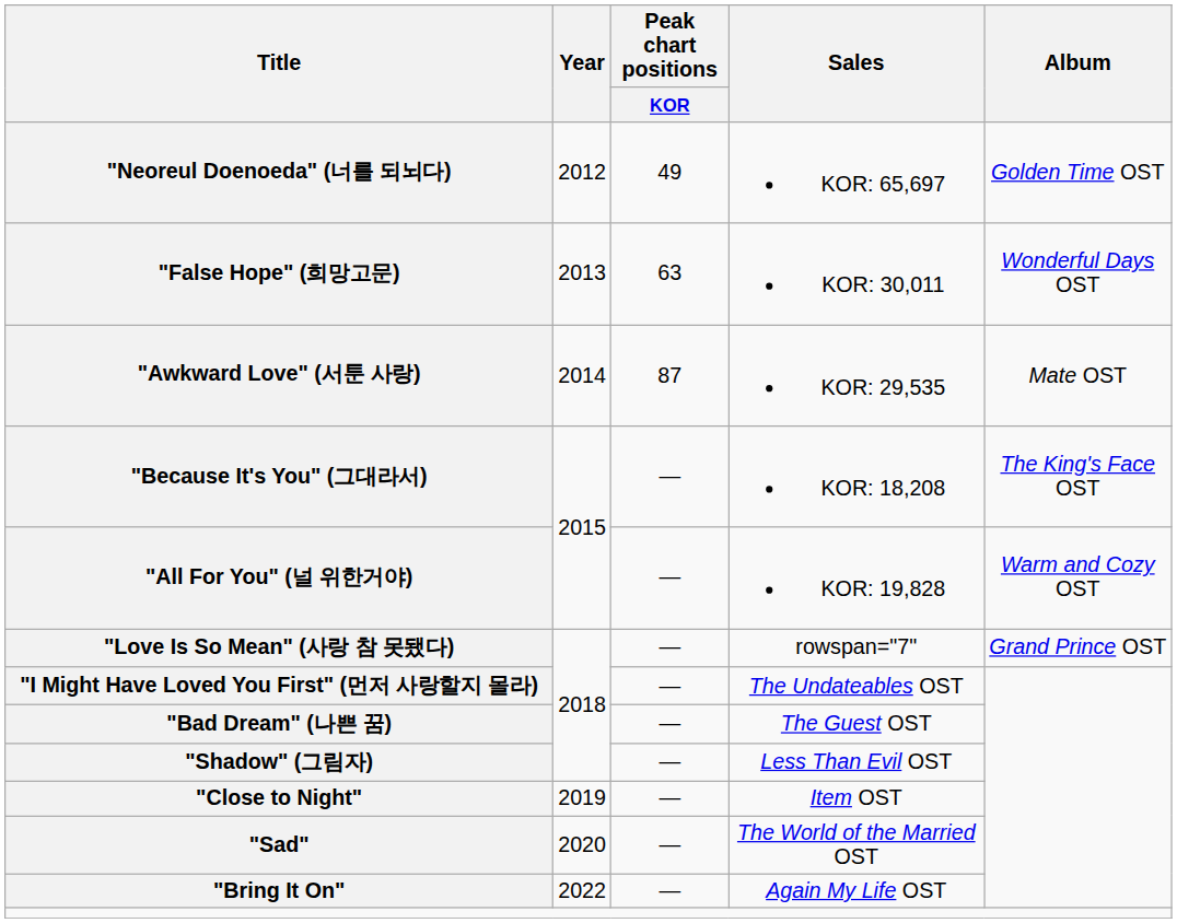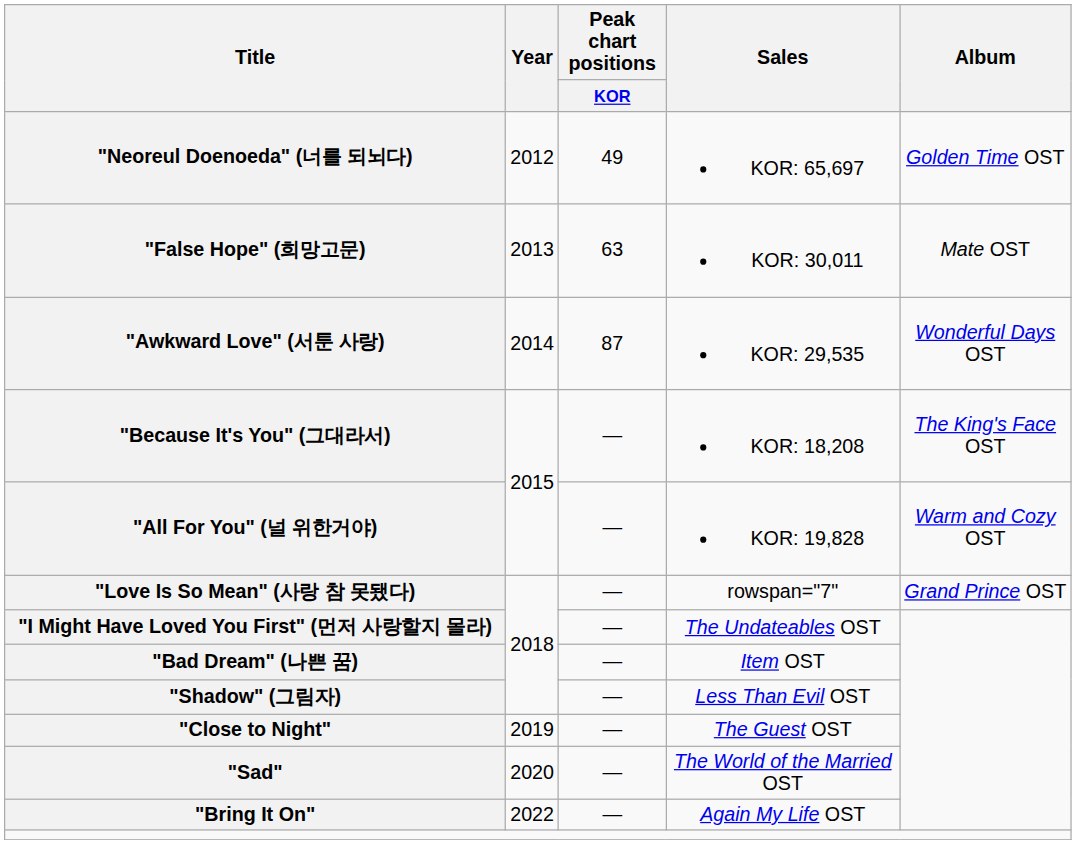 <table class="wikitable plainrowheaders" style="text-align:center;">
 <tr>
 <th scope="col" rowspan="2" style="width:25em;">Title</th>
 <th scope="col" rowspan="2">Year</th>
 <th scope="col" colspan="1" style="width:5em;">Peak chart positions</th>
 <th scope="col" rowspan="2">Sales</th>
 <th scope="col" rowspan="2">Album</th>
 </tr>
 <tr>
 <th><small><a href='#'>KOR</a></small><br></th>
 </tr>
 <tr>
 <th scope="row">"Neoreul Doenoeda" (너를 되뇌다)<br></th>
 <td>2012</td>
 <td>49</td>
 <td><br><ul><li>KOR: 65,697</li></ul></td>
 <td><em><a href='#'>Golden Time</a></em> OST</td>
 </tr>
 <tr>
 <th scope="row">"False Hope" (희망고문)<br></th>
 <td>2013</td>
 <td>63</td>
 <td><br><ul><li>KOR: 30,011</li></ul></td>
-<td><em><a href='#'>Wonderful Days</a></em> OST</td>
+<td><em>Mate</em> OST</td>
 </tr>
 <tr>
 <th scope="row">"Awkward Love" (서툰 사랑)</th>
 <td>2014</td>
 <td>87</td>
 <td><br><ul><li>KOR: 29,535</li></ul></td>
-<td><em>Mate</em> OST</td>
+<td><em><a href='#'>Wonderful Days</a></em> OST</td>
 </tr>
 <tr>
 <th scope="row">"Because It's You" (그대라서)</th>
 <td rowspan="2">2015</td>
 <td>—</td>
 <td><br><ul><li>KOR: 18,208</li></ul></td>
 <td><em><a href='#'>The King's Face</a></em> OST</td>
 </tr>
 <tr>
 <th scope="row">"All For You" (널 위한거야)</th>
 <td>—</td>
 <td><br><ul><li>KOR: 19,828</li></ul></td>
 <td><em><a href='#'>Warm and Cozy</a></em> OST</td>
 </tr>
 <tr>
 <th scope="row">"Love Is So Mean" (사랑 참 못됐다)</th>
 <td rowspan="4">2018</td>
 <td>—</td>
 <td>rowspan="7" </td>
 <td><em><a href='#'>Grand Prince</a></em> OST</td>
 </tr>
 <tr>
 <th scope="row">"I Might Have Loved You First" (먼저 사랑할지 몰라)</th>
 <td>—</td>
 <td><em><a href='#'>The Undateables</a></em> OST</td>
 </tr>
 <tr>
 <th scope="row">"Bad Dream" (나쁜 꿈)</th>
 <td>—</td>
-<td><em><a href='#'>The Guest</a></em> OST</td>
+<td><em><a href='#'>Item</a></em> OST</td>
 </tr>
 <tr>
 <th scope="row">"Shadow" (그림자)<br></th>
 <td>—</td>
 <td><em><a href='#'>Less Than Evil</a></em> OST</td>
 </tr>
 <tr>
 <th scope="row">"Close to Night"</th>
 <td>2019</td>
 <td>—</td>
-<td><em><a href='#'>Item</a></em> OST</td>
+<td><em><a href='#'>The Guest</a></em> OST</td>
 </tr>
 <tr>
 <th scope="row">"Sad"</th>
 <td>2020</td>
 <td>—</td>
 <td><em><a href='#'>The World of the Married</a></em> OST</td>
 </tr>
 <tr>
 <th scope="row">"Bring It On"</th>
 <td>2022</td>
 <td>—</td>
 <td><em><a href='#'>Again My Life</a></em> OST</td>
 </tr>
 <tr>
 <td colspan="5"></td>
 </tr>
 </table>
